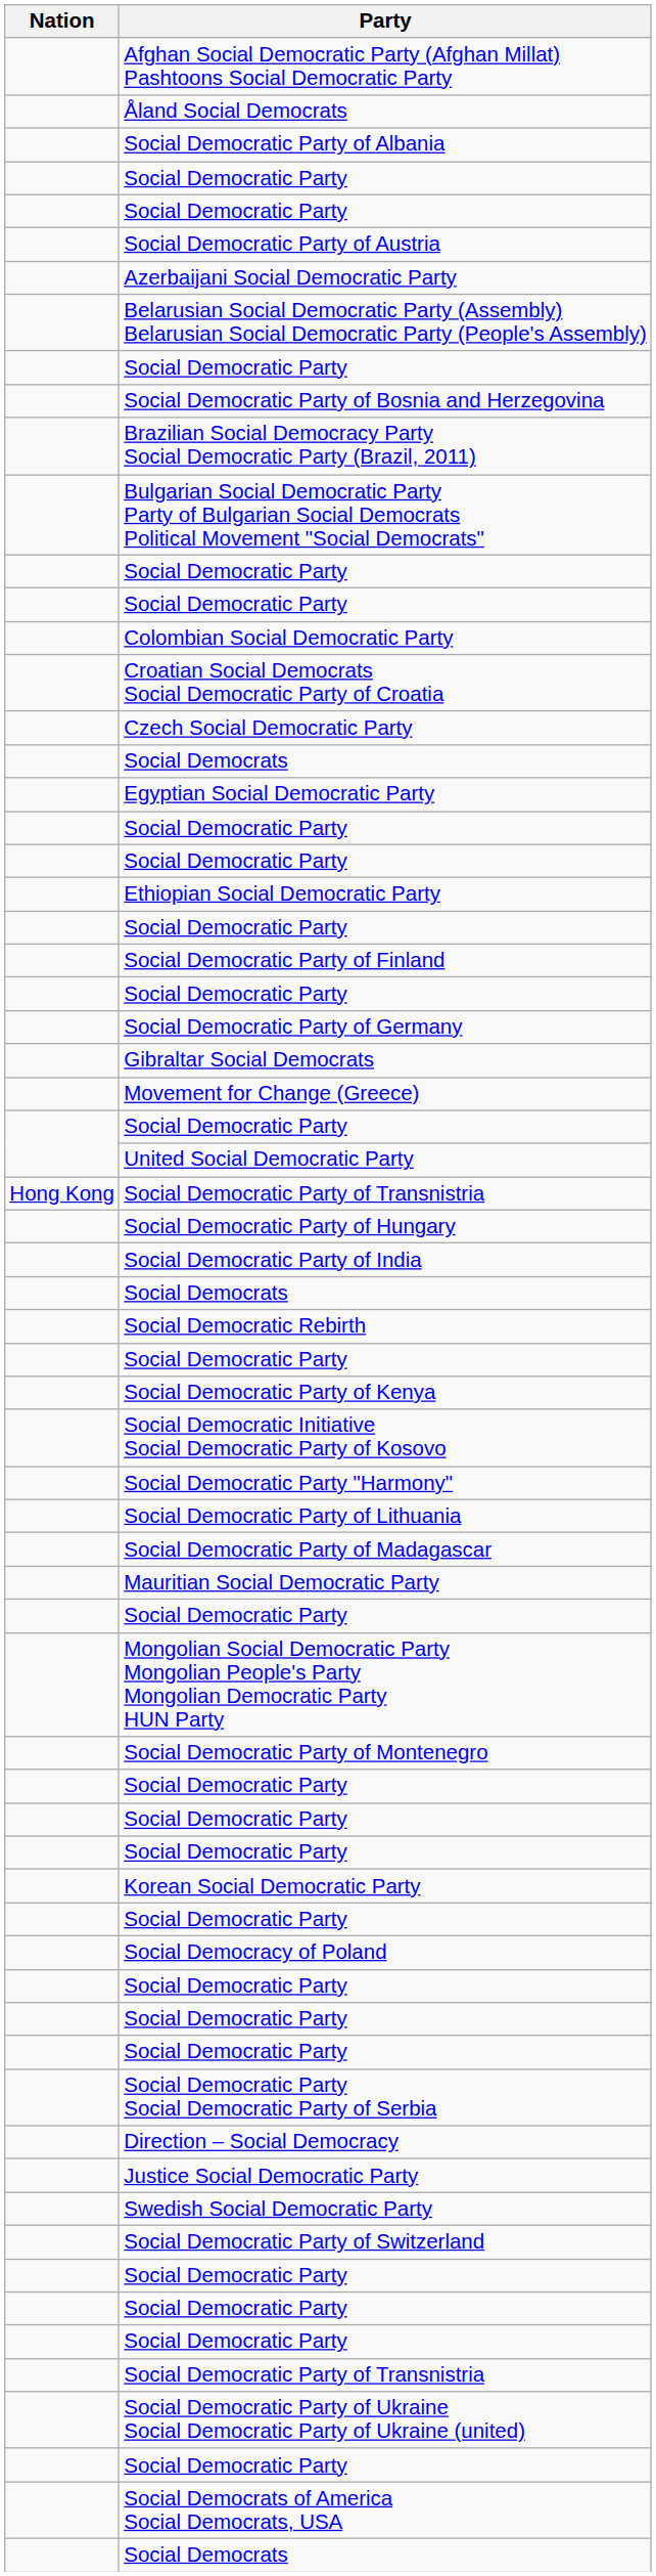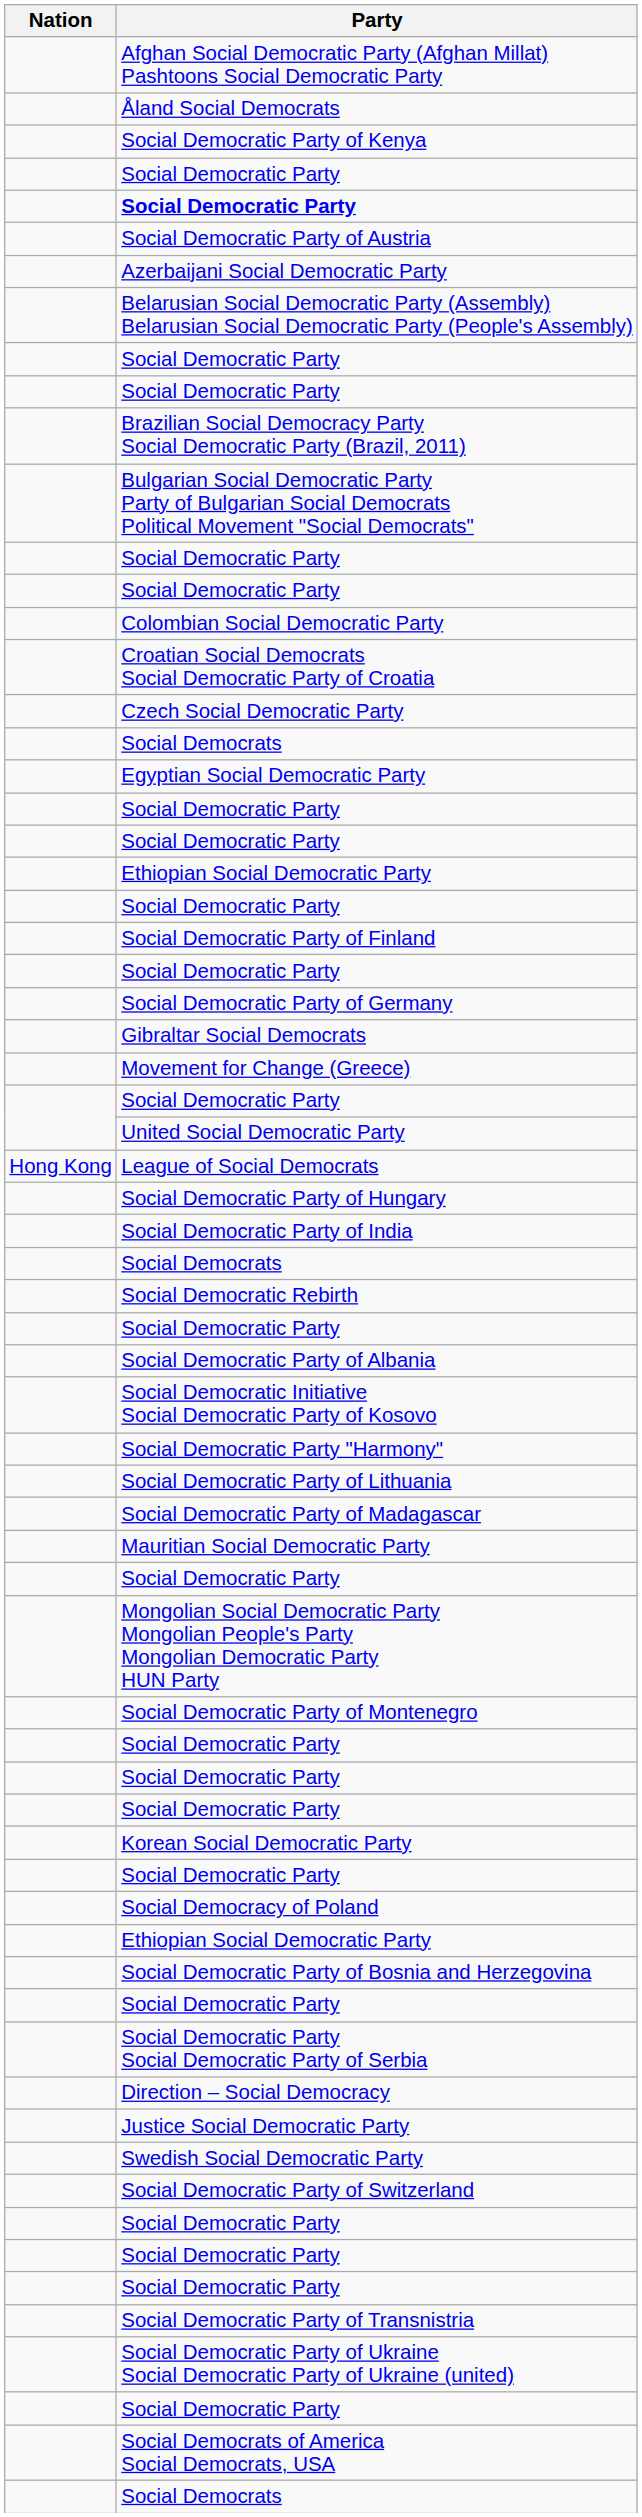 <table class="wikitable sortable">
 <tr>
 <th>Nation</th>
 <th>Party</th>
 </tr>
 <tr>
 <td></td>
 <td><a href='#'>Afghan Social Democratic Party (Afghan Millat)</a><br><a href='#'>Pashtoons Social Democratic Party</a></td>
 </tr>
 <tr>
 <td></td>
 <td><a href='#'>Åland Social Democrats</a></td>
 </tr>
 <tr>
 <td></td>
-<td><a href='#'>Social Democratic Party of Albania</a></td>
+<td><a href='#'>Social Democratic Party of Kenya</a></td>
 </tr>
 <tr>
 <td></td>
 <td><a href='#'>Social Democratic Party</a></td>
 </tr>
 <tr>
 <td></td>
-<td><a href='#'>Social Democratic Party</a></td>
+<td><strong><a href='#'>Social Democratic Party</a></strong></td>
 </tr>
 <tr>
 <td></td>
 <td><a href='#'>Social Democratic Party of Austria</a></td>
 </tr>
 <tr>
 <td></td>
 <td><a href='#'>Azerbaijani Social Democratic Party</a></td>
 </tr>
 <tr>
 <td></td>
 <td><a href='#'>Belarusian Social Democratic Party (Assembly)</a><br><a href='#'>Belarusian Social Democratic Party (People's Assembly)</a></td>
 </tr>
 <tr>
 <td></td>
 <td><a href='#'>Social Democratic Party</a></td>
 </tr>
 <tr>
 <td></td>
-<td><a href='#'>Social Democratic Party of Bosnia and Herzegovina</a></td>
+<td><a href='#'>Social Democratic Party</a></td>
 </tr>
 <tr>
 <td></td>
 <td><a href='#'>Brazilian Social Democracy Party</a><br><a href='#'>Social Democratic Party (Brazil, 2011)</a></td>
 </tr>
 <tr>
 <td></td>
 <td><a href='#'>Bulgarian Social Democratic Party</a><br><a href='#'>Party of Bulgarian Social Democrats</a><br><a href='#'>Political Movement "Social Democrats"</a></td>
 </tr>
 <tr>
 <td></td>
 <td><a href='#'>Social Democratic Party</a></td>
 </tr>
 <tr>
 <td></td>
 <td><a href='#'>Social Democratic Party</a></td>
 </tr>
 <tr>
 <td></td>
 <td><a href='#'>Colombian Social Democratic Party</a></td>
 </tr>
 <tr>
 <td></td>
 <td><a href='#'>Croatian Social Democrats</a><br><a href='#'>Social Democratic Party of Croatia</a></td>
 </tr>
 <tr>
 <td></td>
 <td><a href='#'>Czech Social Democratic Party</a></td>
 </tr>
 <tr>
 <td></td>
 <td><a href='#'>Social Democrats</a></td>
 </tr>
 <tr>
 <td></td>
 <td><a href='#'>Egyptian Social Democratic Party</a></td>
 </tr>
 <tr>
 <td></td>
 <td><a href='#'>Social Democratic Party</a></td>
 </tr>
 <tr>
 <td></td>
 <td><a href='#'>Social Democratic Party</a></td>
 </tr>
 <tr>
 <td></td>
 <td><a href='#'>Ethiopian Social Democratic Party</a></td>
 </tr>
 <tr>
 <td></td>
 <td><a href='#'>Social Democratic Party</a></td>
 </tr>
 <tr>
 <td></td>
 <td><a href='#'>Social Democratic Party of Finland</a></td>
 </tr>
 <tr>
 <td></td>
 <td><a href='#'>Social Democratic Party</a></td>
 </tr>
 <tr>
 <td></td>
 <td><a href='#'>Social Democratic Party of Germany</a></td>
 </tr>
 <tr>
 <td></td>
 <td><a href='#'>Gibraltar Social Democrats</a></td>
 </tr>
 <tr>
 <td></td>
 <td><a href='#'>Movement for Change (Greece)</a></td>
 </tr>
 <tr>
 <td rowspan=2></td>
 <td><a href='#'>Social Democratic Party</a></td>
 </tr>
 <tr>
 <td><a href='#'>United Social Democratic Party</a></td>
 </tr>
 <tr>
 <td> <a href='#'>Hong Kong</a></td>
-<td><a href='#'>Social Democratic Party of Transnistria</a></td>
+<td><a href='#'>League of Social Democrats</a></td>
 </tr>
 <tr>
 <td></td>
 <td><a href='#'>Social Democratic Party of Hungary</a></td>
 </tr>
 <tr>
 <td></td>
 <td><a href='#'>Social Democratic Party of India</a></td>
 </tr>
 <tr>
 <td></td>
 <td><a href='#'>Social Democrats</a></td>
 </tr>
 <tr>
 <td></td>
 <td><a href='#'>Social Democratic Rebirth</a></td>
 </tr>
 <tr>
 <td></td>
 <td><a href='#'>Social Democratic Party</a></td>
 </tr>
 <tr>
 <td></td>
-<td><a href='#'>Social Democratic Party of Kenya</a></td>
+<td><a href='#'>Social Democratic Party of Albania</a></td>
 </tr>
 <tr>
 <td></td>
 <td><a href='#'>Social Democratic Initiative</a><br><a href='#'>Social Democratic Party of Kosovo</a></td>
 </tr>
 <tr>
 <td></td>
 <td><a href='#'>Social Democratic Party "Harmony"</a></td>
 </tr>
 <tr>
 <td></td>
 <td><a href='#'>Social Democratic Party of Lithuania</a></td>
 </tr>
 <tr>
 <td></td>
 <td><a href='#'>Social Democratic Party of Madagascar</a></td>
 </tr>
 <tr>
 <td></td>
 <td><a href='#'>Mauritian Social Democratic Party</a></td>
 </tr>
 <tr>
 <td></td>
 <td><a href='#'>Social Democratic Party</a></td>
 </tr>
 <tr>
 <td></td>
 <td><a href='#'>Mongolian Social Democratic Party</a><br><a href='#'>Mongolian People's Party</a><br><a href='#'>Mongolian Democratic Party</a><br><a href='#'>HUN Party</a></td>
 </tr>
 <tr>
 <td></td>
 <td><a href='#'>Social Democratic Party of Montenegro</a></td>
 </tr>
 <tr>
 <td></td>
 <td><a href='#'>Social Democratic Party</a></td>
 </tr>
 <tr>
 <td></td>
 <td><a href='#'>Social Democratic Party</a></td>
 </tr>
 <tr>
 <td></td>
 <td><a href='#'>Social Democratic Party</a></td>
 </tr>
 <tr>
 <td></td>
 <td><a href='#'>Korean Social Democratic Party</a></td>
 </tr>
 <tr>
 <td></td>
 <td><a href='#'>Social Democratic Party</a></td>
 </tr>
 <tr>
 <td></td>
 <td><a href='#'>Social Democracy of Poland</a></td>
 </tr>
 <tr>
 <td></td>
-<td><a href='#'>Social Democratic Party</a></td>
+<td><a href='#'>Ethiopian Social Democratic Party</a></td>
 </tr>
 <tr>
 <td></td>
-<td><a href='#'>Social Democratic Party</a></td>
+<td><a href='#'>Social Democratic Party of Bosnia and Herzegovina</a></td>
 </tr>
 <tr>
 <td></td>
 <td><a href='#'>Social Democratic Party</a></td>
 </tr>
 <tr>
 <td></td>
 <td><a href='#'>Social Democratic Party</a><br><a href='#'>Social Democratic Party of Serbia</a></td>
 </tr>
 <tr>
 <td></td>
 <td><a href='#'>Direction – Social Democracy</a></td>
 </tr>
 <tr>
 <td></td>
 <td><a href='#'>Justice Social Democratic Party</a></td>
 </tr>
 <tr>
 <td></td>
 <td><a href='#'>Swedish Social Democratic Party</a></td>
 </tr>
 <tr>
 <td></td>
 <td><a href='#'>Social Democratic Party of Switzerland</a></td>
 </tr>
 <tr>
 <td></td>
 <td><a href='#'>Social Democratic Party</a></td>
 </tr>
 <tr>
 <td></td>
 <td><a href='#'>Social Democratic Party</a></td>
 </tr>
 <tr>
 <td></td>
 <td><a href='#'>Social Democratic Party</a></td>
 </tr>
 <tr>
 <td></td>
 <td><a href='#'>Social Democratic Party of Transnistria</a></td>
 </tr>
 <tr>
 <td></td>
 <td><a href='#'>Social Democratic Party of Ukraine</a><br><a href='#'>Social Democratic Party of Ukraine (united)</a></td>
 </tr>
 <tr>
 <td></td>
 <td><a href='#'>Social Democratic Party</a></td>
 </tr>
 <tr>
 <td></td>
 <td><a href='#'>Social Democrats of America</a><br><a href='#'>Social Democrats, USA</a></td>
 </tr>
 <tr>
 <td></td>
 <td><a href='#'>Social Democrats</a></td>
 </tr>
 </table>
